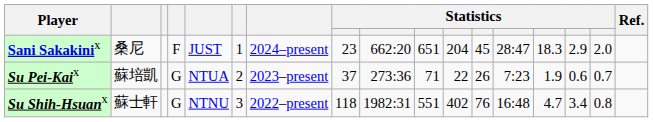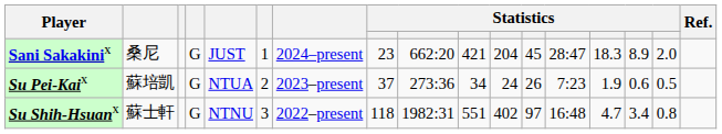 <table class="wikitable sortable" style="font-size:95%; text-align:right;">
 <tr>
 <th rowspan="2">Player</th>
 <th rowspan="2"></th>
 <th rowspan="2"></th>
 <th rowspan="2"></th>
 <th rowspan="2"></th>
 <th rowspan="2"></th>
 <th rowspan="2"></th>
 <th colspan="9">Statistics</th>
 <th rowspan="2">Ref.</th>
 </tr>
 <tr>
 <th></th>
 <th></th>
 <th></th>
 <th></th>
 <th></th>
 <th></th>
 <th></th>
 <th></th>
 <th></th>
 </tr>
 <tr>
 <td align="left" bgcolor="#CCFFCC"><u><strong><a href='#'>Sani Sakakini</a></strong></u><sup>x</sup></td>
 <td align="left">桑尼</td>
 <td align="center"></td>
-<td align="center">F</td>
+<td align="center">G</td>
 <td align="left"><a href='#'>JUST</a></td>
 <td align="center">1</td>
 <td align="center"><a href='#'>2024–present</a></td>
 <td>23</td>
 <td>662:20</td>
-<td>651</td>
+<td>421</td>
 <td>204</td>
 <td>45</td>
 <td>28:47</td>
 <td>18.3</td>
-<td>2.9</td>
+<td>8.9</td>
 <td>2.0</td>
 <td align="center"></td>
 </tr>
 <tr>
 <td align="left" bgcolor="#CCFFCC"><u><strong><em>Su Pei-Kai</em></strong></u><sup>x</sup></td>
 <td align="left">蘇培凱</td>
 <td align="center"></td>
 <td align="center">G</td>
 <td align="left"><a href='#'>NTUA</a></td>
 <td align="center">2</td>
 <td align="center"><a href='#'>2023</a>–<a href='#'>present</a></td>
 <td>37</td>
 <td>273:36</td>
-<td>71</td>
-<td>22</td>
+<td>34</td>
+<td>24</td>
 <td>26</td>
 <td>7:23</td>
 <td>1.9</td>
 <td>0.6</td>
-<td>0.7</td>
+<td>0.5</td>
 <td align="center"></td>
 </tr>
 <tr>
 <td align="left" bgcolor="#CCFFCC"><u><strong><em>Su Shih-Hsuan</em></strong></u><sup>x</sup></td>
 <td align="left">蘇士軒</td>
 <td align="center"></td>
 <td align="center">G</td>
 <td align="left"><a href='#'>NTNU</a></td>
 <td align="center">3</td>
 <td align="center"><a href='#'>2022</a>–<a href='#'>present</a></td>
 <td>118</td>
 <td>1982:31</td>
 <td>551</td>
 <td>402</td>
-<td>76</td>
+<td>97</td>
 <td>16:48</td>
 <td>4.7</td>
 <td>3.4</td>
 <td>0.8</td>
 <td align="center"></td>
 </tr>
 </table>
